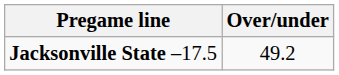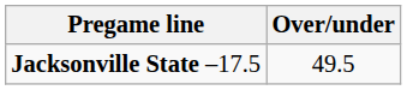 <table class="wikitable">
 <tr align="center">
 <th>Pregame line</th>
 <th>Over/under</th>
 </tr>
 <tr align="center">
 <td><strong>Jacksonville State</strong> –17.5</td>
-<td>49.2</td>
+<td>49.5</td>
 </tr>
 </table>
